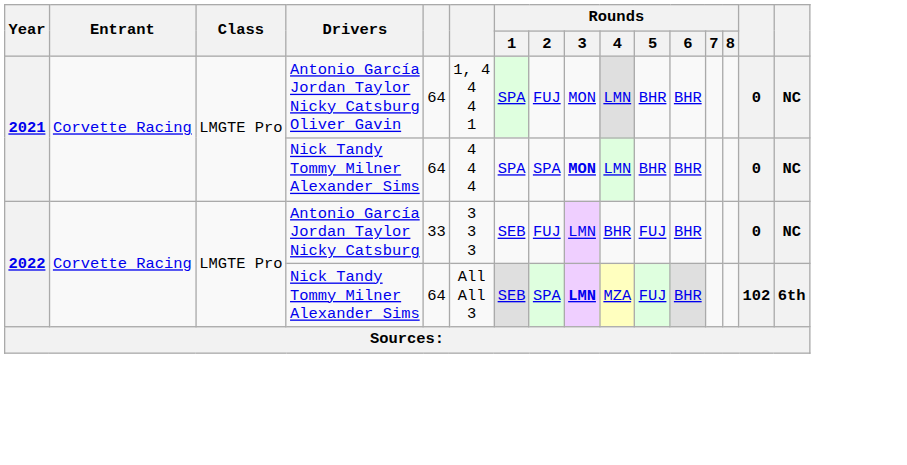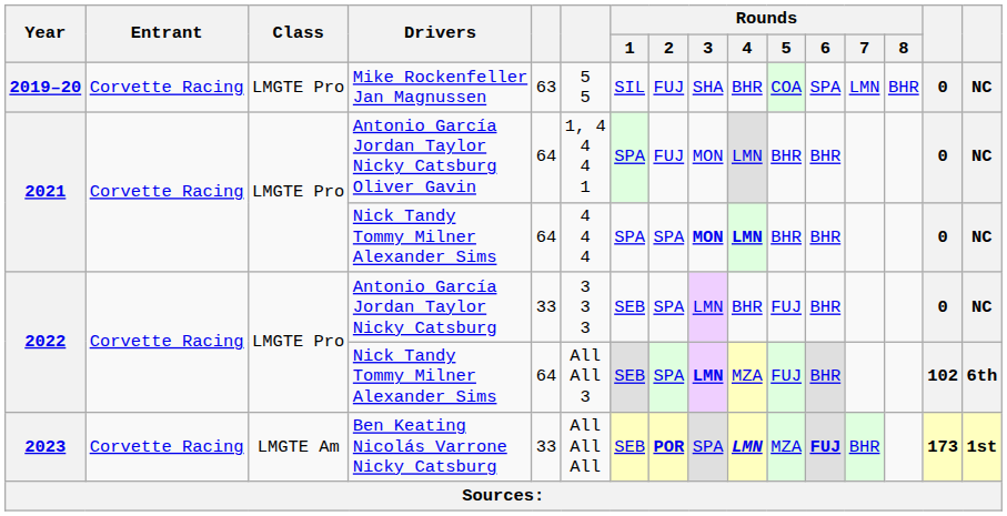 <table class = "wikitable" style="text-align:center; font-size:90%">
 <tr>
 <th rowspan="2">Year</th>
 <th rowspan="2">Entrant</th>
 <th rowspan="2">Class</th>
 <th rowspan="2">Drivers</th>
 <th rowspan="2"></th>
 <th rowspan="2"></th>
 <th colspan="8">Rounds</th>
 <th rowspan="2" scope="col"></th>
 <th rowspan="2" scope="col"></th>
 </tr>
 <tr>
 <th scope="col">1</th>
 <th scope="col">2</th>
 <th scope="col">3</th>
 <th scope="col">4</th>
 <th scope="col">5</th>
 <th scope="col">6</th>
 <th scope="col">7</th>
 <th scope="col">8</th>
+</tr>
+<tr>
+<th><a href='#'>2019–20</a></th>
+<td> <a href='#'>Corvette Racing</a></td>
+<td>LMGTE Pro</td>
+<td align="left " style="border-left:0px"> <a href='#'>Mike Rockenfeller</a><br> <a href='#'>Jan Magnussen</a></td>
+<td>63</td>
+<td>5<br>5</td>
+<td><a href='#'>SIL</a><br></td>
+<td><a href='#'>FUJ</a><br></td>
+<td><a href='#'>SHA</a><br></td>
+<td><a href='#'>BHR</a><br></td>
+<td style="background:#DFFFDF;"><a href='#'>COA</a><br></td>
+<td style="background:#;”"><a href='#'>SPA</a><br></td>
+<td style="background:#;”"><a href='#'>LMN</a><br></td>
+<td style="background:#;”"><a href='#'>BHR</a><br></td>
+<th>0</th>
+<th>NC</th>
 </tr>
 <tr>
 <th rowspan=2><a href='#'>2021</a></th>
 <td rowspan=2> <a href='#'>Corvette Racing</a></td>
 <td rowspan=2>LMGTE Pro</td>
 <td align="left " style="border-left:0px"> <a href='#'>Antonio García</a><br> <a href='#'>Jordan Taylor</a><br> <a href='#'>Nicky Catsburg</a><br> <a href='#'>Oliver Gavin</a></td>
 <td>64</td>
 <td>1, 4<br>4<br>4<br>1</td>
 <td style="background:#DFFFDF;"><a href='#'>SPA</a><br></td>
 <td><a href='#'>FUJ</a><br></td>
 <td><a href='#'>MON</a></td>
 <td style="background:#DFDFDF;”"><a href='#'>LMN</a><br></td>
 <td><a href='#'>BHR</a></td>
 <td><a href='#'>BHR</a></td>
 <td></td>
 <td></td>
 <th>0</th>
 <th>NC</th>
 </tr>
 <tr>
 <td align="left " style="border-left:0px"> <a href='#'>Nick Tandy</a><br> <a href='#'>Tommy Milner</a><br> <a href='#'>Alexander Sims</a></td>
 <td>64</td>
 <td>4<br>4<br>4</td>
 <td><a href='#'>SPA</a></td>
 <td><a href='#'>SPA</a><br></td>
 <td><strong><a href='#'>MON</a></strong></td>
-<td style="background:#DFFFDF;"><a href='#'>LMN</a><br></td>
+<td style="background:#DFFFDF;"><strong><a href='#'>LMN</a><br></strong></td>
 <td><a href='#'>BHR</a></td>
 <td><a href='#'>BHR</a></td>
 <td></td>
 <td></td>
 <th>0</th>
 <th>NC</th>
 </tr>
 <tr>
 <th rowspan=2><a href='#'>2022</a></th>
 <td rowspan=2> <a href='#'>Corvette Racing</a></td>
 <td rowspan=2>LMGTE Pro</td>
 <td align="left " style="border-left:0px"> <a href='#'>Antonio García</a><br> <a href='#'>Jordan Taylor</a><br> <a href='#'>Nicky Catsburg</a></td>
 <td>33</td>
 <td>3<br>3<br>3</td>
 <td><a href='#'>SEB</a><br></td>
-<td><a href='#'>FUJ</a><br></td>
+<td><a href='#'>SPA</a><br></td>
 <td style="background:#EFCFFF;"><a href='#'>LMN</a><br></td>
 <td><a href='#'>BHR</a><br></td>
 <td><a href='#'>FUJ</a><br></td>
 <td><a href='#'>BHR</a><br></td>
 <td></td>
 <td></td>
 <th>0</th>
 <th>NC</th>
 </tr>
 <tr>
 <td align="left " style="border-left:0px"> <a href='#'>Nick Tandy</a><br> <a href='#'>Tommy Milner</a><br> <a href='#'>Alexander Sims</a></td>
 <td>64</td>
 <td>All<br>All<br>3</td>
 <td style="background:#DFDFDF;”"><a href='#'>SEB</a><br></td>
 <td style="background:#DFFFDF;"><a href='#'>SPA</a><br></td>
 <td style="background:#EFCFFF;"><strong><a href='#'>LMN</a><br></strong></td>
 <td style="background:#FFFFBF;”"><a href='#'>MZA</a><br></td>
 <td style="background:#DFFFDF;"><a href='#'>FUJ</a><br></td>
 <td style="background:#DFDFDF;”"><a href='#'>BHR</a><br></td>
 <td></td>
 <td></td>
 <th>102</th>
 <th>6th</th>
 </tr>
 <tr>
+<th><a href='#'>2023</a></th>
+<td> <a href='#'>Corvette Racing</a></td>
+<td>LMGTE Am</td>
+<td align="left " style="border-left:0px"> <a href='#'>Ben Keating</a><br> <a href='#'>Nicolás Varrone</a><br> <a href='#'>Nicky Catsburg</a></td>
+<td>33</td>
+<td>All<br>All<br>All</td>
+<td style="background:#FFFFBF;”"><a href='#'>SEB</a><br></td>
+<td style="background:#FFFFBF;”"><strong><a href='#'>POR</a><br></strong></td>
+<td style="background:#DFDFDF;”"><a href='#'>SPA</a><br></td>
+<td style="background:#FFFFBF;”"><strong><em><a href='#'>LMN</a><br></em></strong></td>
+<td style="background:#DFFFDF;"><a href='#'>MZA</a><br></td>
+<td style="background:#DFDFDF;”"><strong><a href='#'>FUJ</a><br></strong></td>
+<td style="background:#DFFFDF;"><a href='#'>BHR</a><br></td>
+<td></td>
+<th style="background:#FFFFBF;”">173</th>
+<th style="background:#FFFFBF;”">1st</th>
+</tr>
+<tr>
 <th colspan="16">Sources:</th>
 </tr>
 </table>
